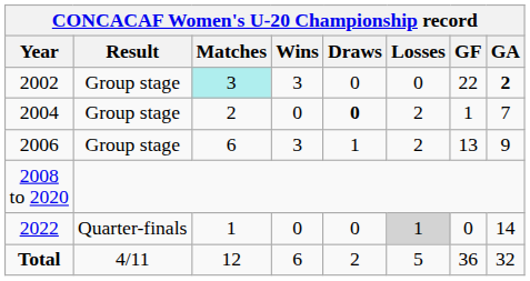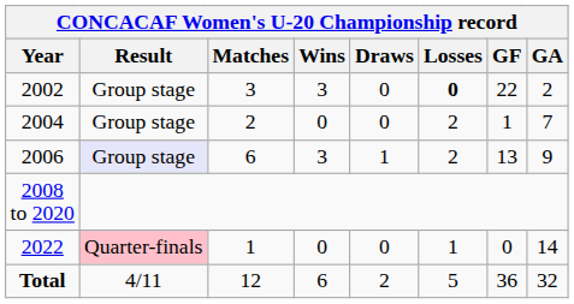 <table class="wikitable" style="text-align: center;">
 <tr>
 <th colspan=8><a href='#'>CONCACAF Women's U-20 Championship</a> record</th>
 </tr>
 <tr>
 <th>Year</th>
 <th>Result</th>
 <th>Matches</th>
 <th>Wins</th>
 <th>Draws</th>
 <th>Losses</th>
 <th>GF</th>
 <th>GA</th>
 </tr>
 <tr>
 <td> 2002</td>
 <td>Group stage</td>
-<td style="background: paleturquoise;">3</td>
+<td>3</td>
 <td>3</td>
 <td>0</td>
-<td>0</td>
+<td><strong>0</strong></td>
 <td>22</td>
-<td><strong>2</strong></td>
+<td>2</td>
 </tr>
 <tr bgcolor=>
 <td> 2004</td>
 <td>Group stage</td>
 <td>2</td>
 <td>0</td>
-<td><strong>0</strong></td>
+<td>0</td>
 <td>2</td>
 <td>1</td>
 <td>7</td>
 </tr>
 <tr>
 <td> 2006</td>
-<td>Group stage</td>
+<td style="background: lavender;">Group stage</td>
 <td>6</td>
 <td>3</td>
 <td>1</td>
 <td>2</td>
 <td>13</td>
 <td>9</td>
 </tr>
 <tr>
 <td> <a href='#'>2008</a><br>to  <a href='#'>2020</a></td>
 </tr>
 <tr>
 <td> <a href='#'>2022</a></td>
-<td>Quarter-finals</td>
+<td style="background: pink;">Quarter-finals</td>
 <td>1</td>
 <td>0</td>
 <td>0</td>
-<td style="background: lightgrey;">1</td>
+<td>1</td>
 <td>0</td>
 <td>14</td>
 </tr>
 <tr>
 <td><strong>Total</strong></td>
 <td>4/11</td>
 <td>12</td>
 <td>6</td>
 <td>2</td>
 <td>5</td>
 <td>36</td>
 <td>32</td>
 </tr>
 </table>
